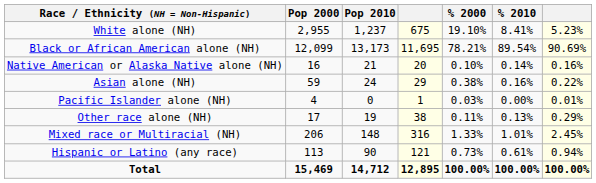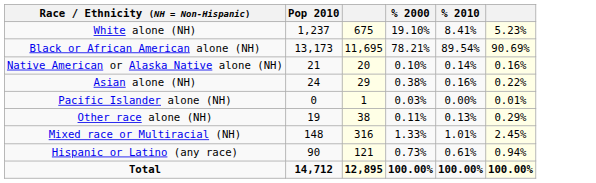 <table class="wikitable" style="text-align:center;">
 <tr>
 <th>Race / Ethnicity <small>(<em>NH = Non-Hispanic</em>)</small></th>
-<th>Pop 2000</th>
 <th>Pop 2010</th>
 <th></th>
 <th>% 2000</th>
 <th>% 2010</th>
 <th></th>
 </tr>
 <tr>
 <td><a href='#'>White</a> alone (NH)</td>
-<td>2,955</td>
 <td>1,237</td>
 <td style='background: #ffffe6;'>675</td>
 <td>19.10%</td>
 <td>8.41%</td>
 <td style='background: #ffffe6;'>5.23%</td>
 </tr>
 <tr>
 <td><a href='#'>Black or African American</a> alone (NH)</td>
-<td>12,099</td>
 <td>13,173</td>
 <td style='background: #ffffe6;'>11,695</td>
 <td>78.21%</td>
 <td>89.54%</td>
 <td style='background: #ffffe6;'>90.69%</td>
 </tr>
 <tr>
 <td><a href='#'>Native American</a> or <a href='#'>Alaska Native</a> alone (NH)</td>
-<td>16</td>
 <td>21</td>
 <td style='background: #ffffe6;'>20</td>
 <td>0.10%</td>
 <td>0.14%</td>
 <td style='background: #ffffe6;'>0.16%</td>
 </tr>
 <tr>
 <td><a href='#'>Asian</a> alone (NH)</td>
-<td>59</td>
 <td>24</td>
 <td style='background: #ffffe6;'>29</td>
 <td>0.38%</td>
 <td>0.16%</td>
 <td style='background: #ffffe6;'>0.22%</td>
 </tr>
 <tr>
 <td><a href='#'>Pacific Islander</a> alone (NH)</td>
-<td>4</td>
 <td>0</td>
 <td style='background: #ffffe6;'>1</td>
 <td>0.03%</td>
 <td>0.00%</td>
 <td style='background: #ffffe6;'>0.01%</td>
 </tr>
 <tr>
 <td><a href='#'>Other race</a> alone (NH)</td>
-<td>17</td>
 <td>19</td>
 <td style='background: #ffffe6;'>38</td>
 <td>0.11%</td>
 <td>0.13%</td>
 <td style='background: #ffffe6;'>0.29%</td>
 </tr>
 <tr>
 <td><a href='#'>Mixed race or Multiracial</a> (NH)</td>
-<td>206</td>
 <td>148</td>
 <td style='background: #ffffe6;'>316</td>
 <td>1.33%</td>
 <td>1.01%</td>
 <td style='background: #ffffe6;'>2.45%</td>
 </tr>
 <tr>
 <td><a href='#'>Hispanic or Latino</a> (any race)</td>
-<td>113</td>
 <td>90</td>
 <td style='background: #ffffe6;'>121</td>
 <td>0.73%</td>
 <td>0.61%</td>
 <td style='background: #ffffe6;'>0.94%</td>
 </tr>
 <tr>
 <td><strong>Total</strong></td>
-<td><strong>15,469</strong></td>
 <td><strong>14,712</strong></td>
 <td style='background: #ffffe6;'><strong>12,895</strong></td>
 <td><strong>100.00%</strong></td>
 <td><strong>100.00%</strong></td>
 <td style='background: #ffffe6;'><strong>100.00%</strong></td>
 </tr>
 </table>
